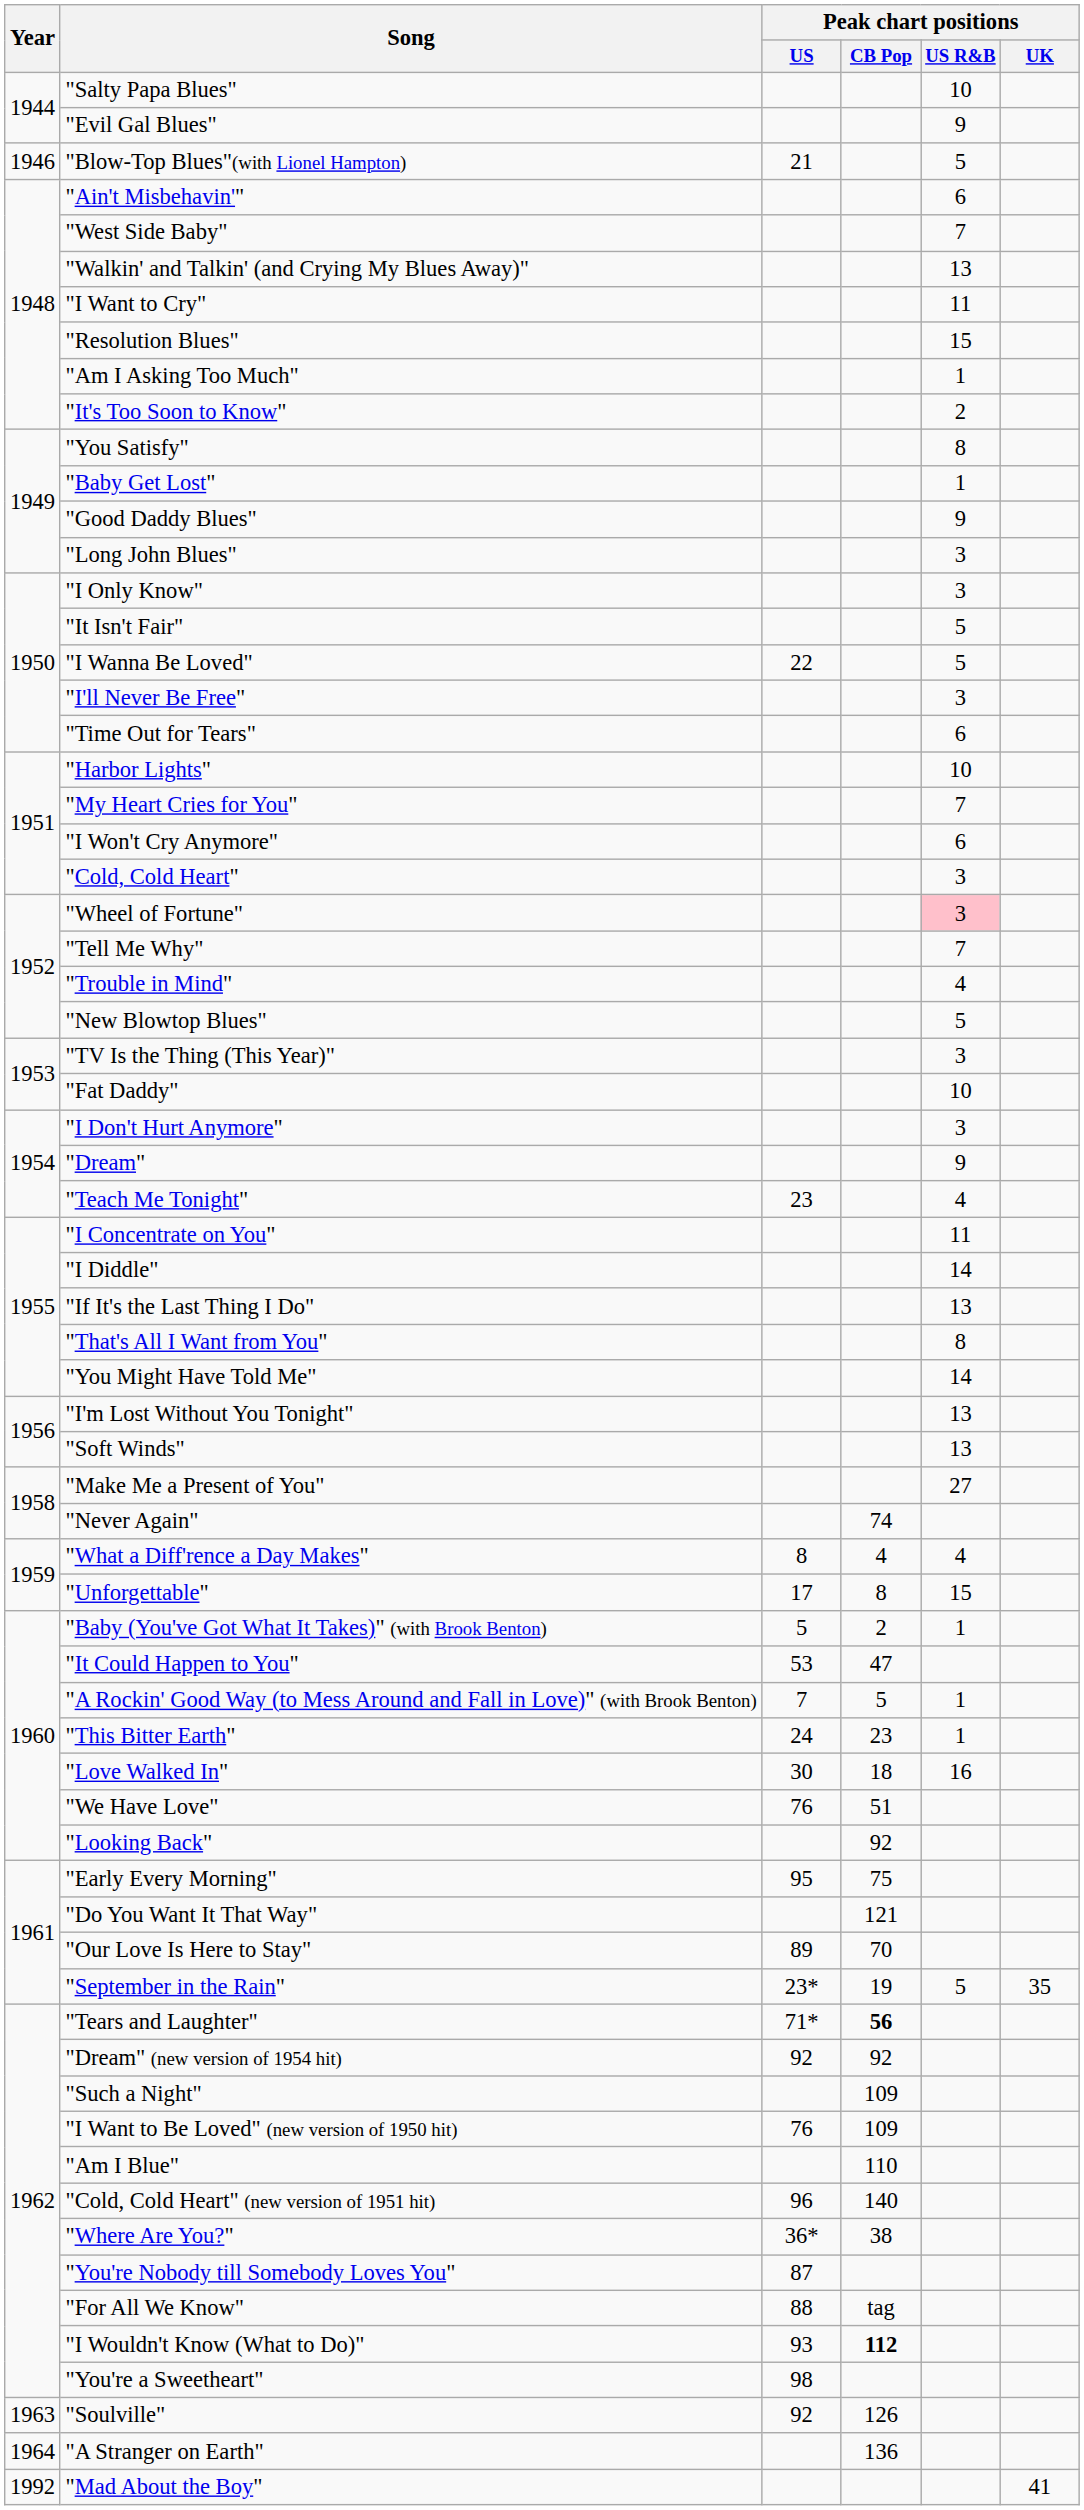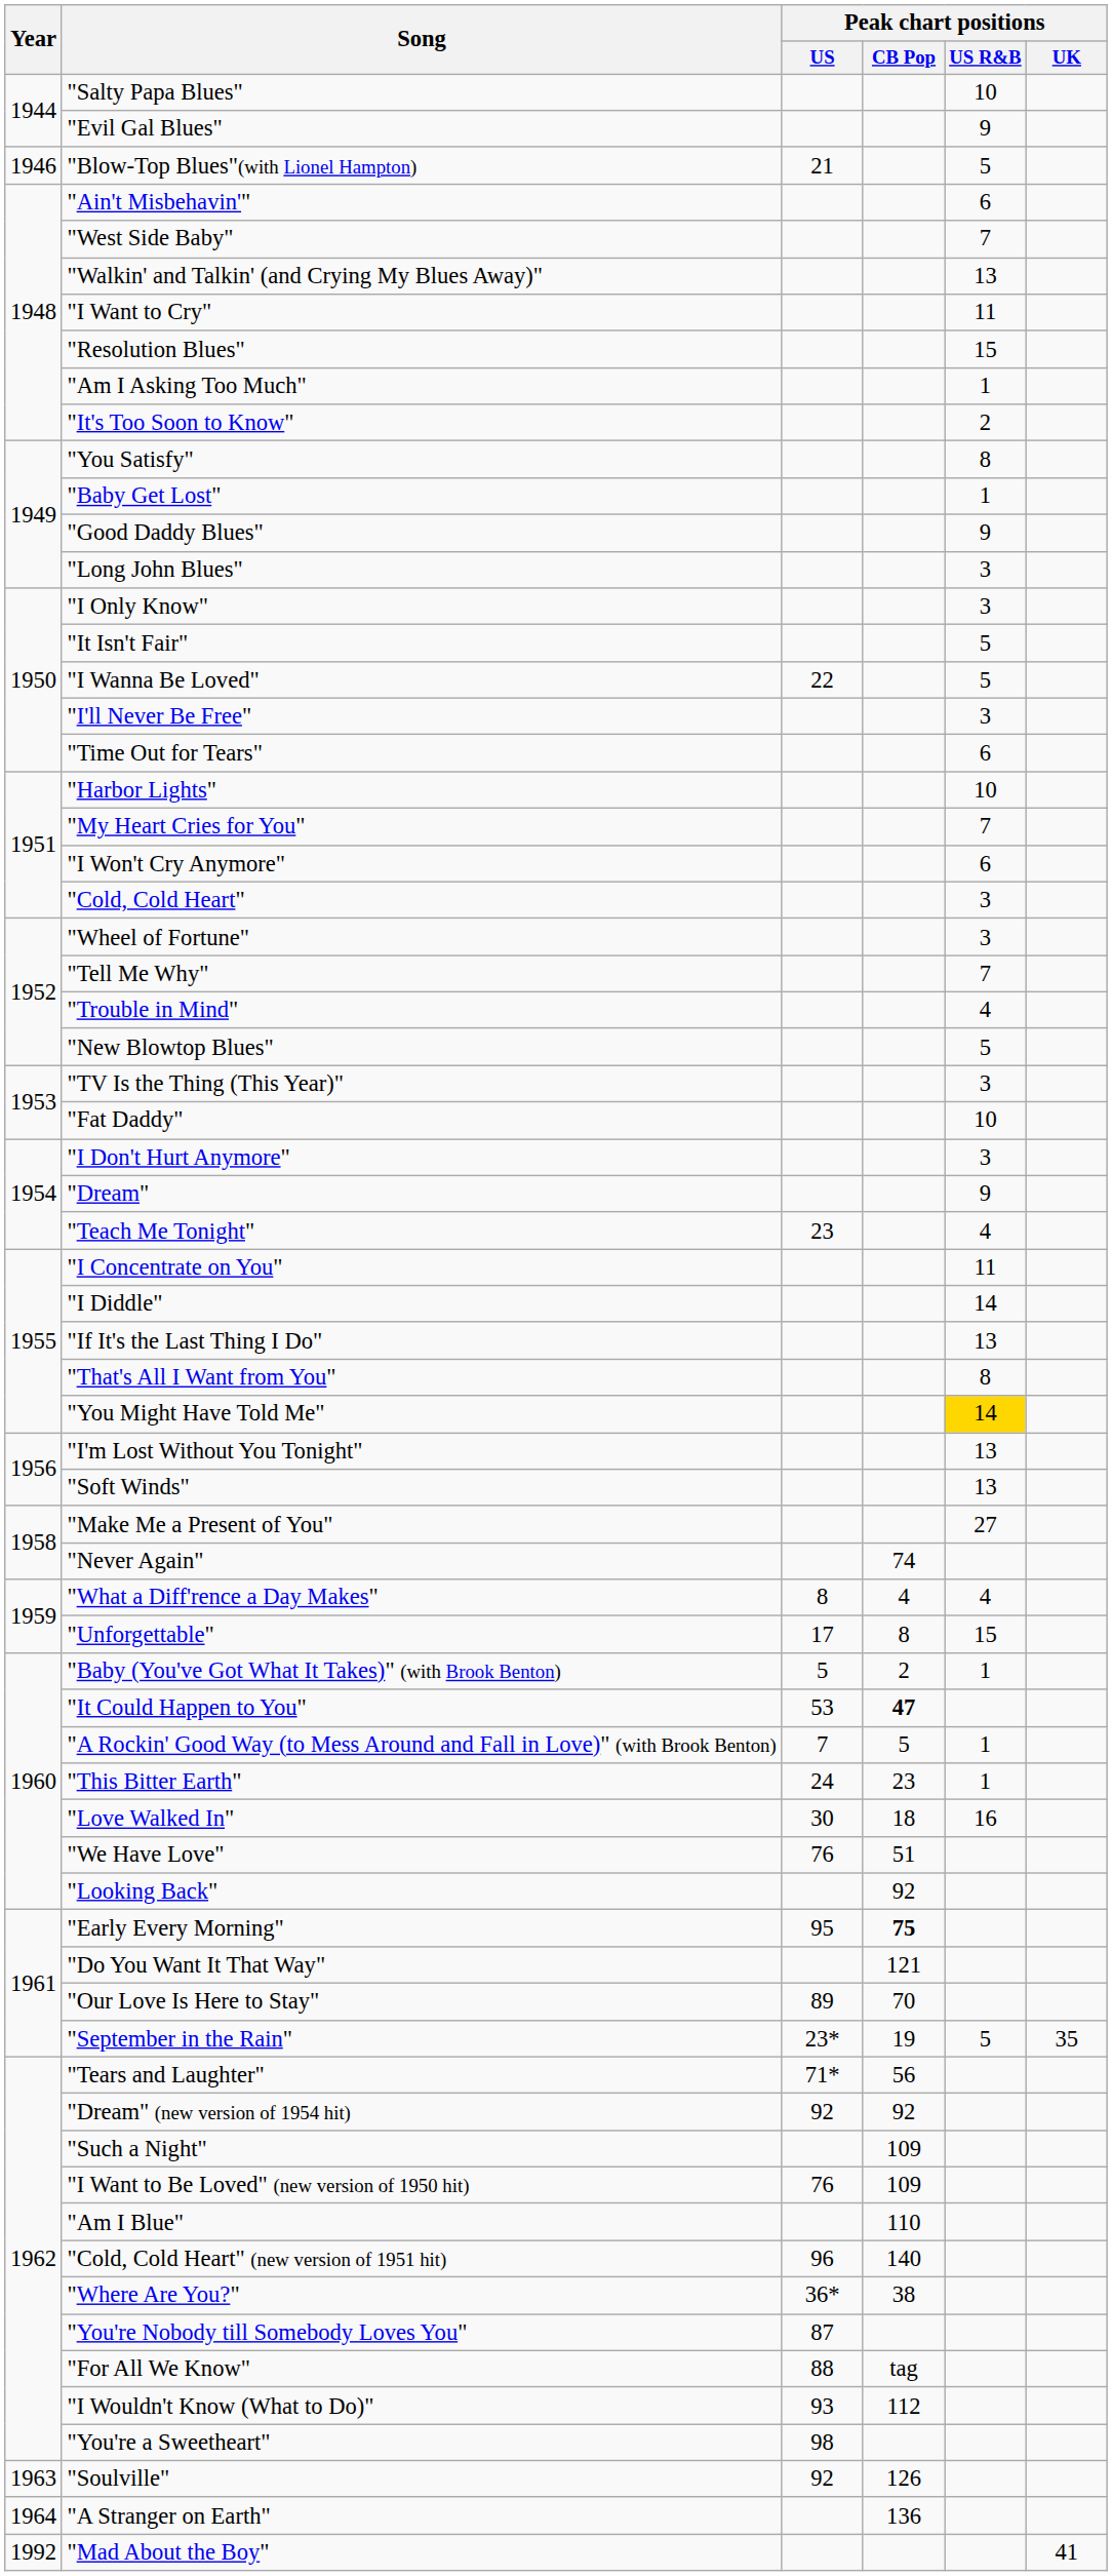 <table class="wikitable" style="text-align:center;">
 <tr>
 <th rowspan="2">Year</th>
 <th rowspan="2">Song</th>
 <th colspan="4">Peak chart positions</th>
 </tr>
 <tr style="font-size:smaller;">
 <th style="width:50px;"><a href='#'>US</a></th>
 <th style="width:50px;"><a href='#'>CB Pop</a></th>
 <th style="width:50px;"><a href='#'>US R&B</a></th>
 <th style="width:50px;"><a href='#'>UK</a></th>
 </tr>
 <tr>
 <td rowspan="2">1944</td>
 <td style="text-align:left;">"Salty Papa Blues"</td>
 <td></td>
 <td></td>
 <td>10</td>
 <td></td>
 </tr>
 <tr>
 <td style="text-align:left;">"Evil Gal Blues"</td>
 <td></td>
 <td></td>
 <td>9</td>
 <td></td>
 </tr>
 <tr>
 <td rowspan="1">1946</td>
 <td style="text-align:left;">"Blow-Top Blues"<small>(with <a href='#'>Lionel Hampton</a>)</small></td>
 <td>21</td>
 <td></td>
 <td>5</td>
 <td></td>
 </tr>
 <tr>
 <td rowspan="7">1948</td>
 <td style="text-align:left;">"<a href='#'>Ain't Misbehavin'</a>"</td>
 <td></td>
 <td></td>
 <td>6</td>
 <td></td>
 </tr>
 <tr>
 <td style="text-align:left;">"West Side Baby"</td>
 <td></td>
 <td></td>
 <td>7</td>
 <td></td>
 </tr>
 <tr>
 <td style="text-align:left;">"Walkin' and Talkin' (and Crying My Blues Away)"</td>
 <td></td>
 <td></td>
 <td>13</td>
 <td></td>
 </tr>
 <tr>
 <td style="text-align:left;">"I Want to Cry"</td>
 <td></td>
 <td></td>
 <td>11</td>
 <td></td>
 </tr>
 <tr>
 <td style="text-align:left;">"Resolution Blues"</td>
 <td></td>
 <td></td>
 <td>15</td>
 <td></td>
 </tr>
 <tr>
 <td style="text-align:left;">"Am I Asking Too Much"</td>
 <td></td>
 <td></td>
 <td>1</td>
 <td></td>
 </tr>
 <tr>
 <td style="text-align:left;">"<a href='#'>It's Too Soon to Know</a>"</td>
 <td></td>
 <td></td>
 <td>2</td>
 <td></td>
 </tr>
 <tr>
 <td rowspan="4">1949</td>
 <td style="text-align:left;">"You Satisfy"</td>
 <td></td>
 <td></td>
 <td>8</td>
 <td></td>
 </tr>
 <tr>
 <td style="text-align:left;">"<a href='#'>Baby Get Lost</a>"</td>
 <td></td>
 <td></td>
 <td>1</td>
 <td></td>
 </tr>
 <tr>
 <td style="text-align:left;">"Good Daddy Blues"</td>
 <td></td>
 <td></td>
 <td>9</td>
 <td></td>
 </tr>
 <tr>
 <td style="text-align:left;">"Long John Blues"</td>
 <td></td>
 <td></td>
 <td>3</td>
 <td></td>
 </tr>
 <tr>
 <td rowspan="5">1950</td>
 <td style="text-align:left;">"I Only Know"</td>
 <td></td>
 <td></td>
 <td>3</td>
 <td></td>
 </tr>
 <tr>
 <td style="text-align:left;">"It Isn't Fair"</td>
 <td></td>
 <td></td>
 <td>5</td>
 <td></td>
 </tr>
 <tr>
 <td style="text-align:left;">"I Wanna Be Loved"</td>
 <td>22</td>
 <td></td>
 <td>5</td>
 <td></td>
 </tr>
 <tr>
 <td style="text-align:left;">"<a href='#'>I'll Never Be Free</a>"</td>
 <td></td>
 <td></td>
 <td>3</td>
 <td></td>
 </tr>
 <tr>
 <td style="text-align:left;">"Time Out for Tears"</td>
 <td></td>
 <td></td>
 <td>6</td>
 <td></td>
 </tr>
 <tr>
 <td rowspan="4">1951</td>
 <td style="text-align:left;">"<a href='#'>Harbor Lights</a>"</td>
 <td></td>
 <td></td>
 <td>10</td>
 <td></td>
 </tr>
 <tr>
 <td style="text-align:left;">"<a href='#'>My Heart Cries for You</a>"</td>
 <td></td>
 <td></td>
 <td>7</td>
 <td></td>
 </tr>
 <tr>
 <td style="text-align:left;">"I Won't Cry Anymore"</td>
 <td></td>
 <td></td>
 <td>6</td>
 <td></td>
 </tr>
 <tr>
 <td style="text-align:left;">"<a href='#'>Cold, Cold Heart</a>"</td>
 <td></td>
 <td></td>
 <td>3</td>
 <td></td>
 </tr>
 <tr>
 <td rowspan="4">1952</td>
 <td style="text-align:left;">"Wheel of Fortune"</td>
 <td></td>
 <td></td>
-<td style="background: pink;">3</td>
+<td>3</td>
 <td></td>
 </tr>
 <tr>
 <td style="text-align:left;">"Tell Me Why"</td>
 <td></td>
 <td></td>
 <td>7</td>
 <td></td>
 </tr>
 <tr>
 <td style="text-align:left;">"<a href='#'>Trouble in Mind</a>"</td>
 <td></td>
 <td></td>
 <td>4</td>
 <td></td>
 </tr>
 <tr>
 <td style="text-align:left;">"New Blowtop Blues"</td>
 <td></td>
 <td></td>
 <td>5</td>
 <td></td>
 </tr>
 <tr>
 <td rowspan="2">1953</td>
 <td style="text-align:left;">"TV Is the Thing (This Year)"</td>
 <td></td>
 <td></td>
 <td>3</td>
 <td></td>
 </tr>
 <tr>
 <td style="text-align:left;">"Fat Daddy"</td>
 <td></td>
 <td></td>
 <td>10</td>
 <td></td>
 </tr>
 <tr>
 <td rowspan="3">1954</td>
 <td style="text-align:left;">"<a href='#'>I Don't Hurt Anymore</a>"</td>
 <td></td>
 <td></td>
 <td>3</td>
 <td></td>
 </tr>
 <tr>
 <td style="text-align:left;">"<a href='#'>Dream</a>"</td>
 <td></td>
 <td></td>
 <td>9</td>
 <td></td>
 </tr>
 <tr>
 <td style="text-align:left;">"<a href='#'>Teach Me Tonight</a>"</td>
 <td>23</td>
 <td></td>
 <td>4</td>
 <td></td>
 </tr>
 <tr>
 <td rowspan="5">1955</td>
 <td style="text-align:left;">"<a href='#'>I Concentrate on You</a>"</td>
 <td></td>
 <td></td>
 <td>11</td>
 <td></td>
 </tr>
 <tr>
 <td style="text-align:left;">"I Diddle"</td>
 <td></td>
 <td></td>
 <td>14</td>
 <td></td>
 </tr>
 <tr>
 <td style="text-align:left;">"If It's the Last Thing I Do"</td>
 <td></td>
 <td></td>
 <td>13</td>
 <td></td>
 </tr>
 <tr>
 <td style="text-align:left;">"<a href='#'>That's All I Want from You</a>"</td>
 <td></td>
 <td></td>
 <td>8</td>
 <td></td>
 </tr>
 <tr>
 <td style="text-align:left;">"You Might Have Told Me"</td>
 <td></td>
 <td></td>
-<td>14</td>
+<td style="background: gold;">14</td>
 <td></td>
 </tr>
 <tr>
 <td rowspan="2">1956</td>
 <td style="text-align:left;">"I'm Lost Without You Tonight"</td>
 <td></td>
 <td></td>
 <td>13</td>
 <td></td>
 </tr>
 <tr>
 <td style="text-align:left;">"Soft Winds"</td>
 <td></td>
 <td></td>
 <td>13</td>
 <td></td>
 </tr>
 <tr>
 <td rowspan="2">1958</td>
 <td style="text-align:left;">"Make Me a Present of You"</td>
 <td></td>
 <td></td>
 <td>27</td>
 <td></td>
 </tr>
 <tr>
 <td style="text-align:left;">"Never Again"</td>
 <td></td>
 <td>74</td>
 <td></td>
 <td></td>
 </tr>
 <tr>
 <td rowspan="2">1959</td>
 <td style="text-align:left;">"<a href='#'>What a Diff'rence a Day Makes</a>"</td>
 <td>8</td>
 <td>4</td>
 <td>4</td>
 <td></td>
 </tr>
 <tr>
 <td style="text-align:left;">"<a href='#'>Unforgettable</a>"</td>
 <td>17</td>
 <td>8</td>
 <td>15</td>
 <td></td>
 </tr>
 <tr>
 <td rowspan="7">1960</td>
 <td style="text-align:left;">"<a href='#'>Baby (You've Got What It Takes)</a>" <small>(with <a href='#'>Brook Benton</a>)</small></td>
 <td>5</td>
 <td>2</td>
 <td>1</td>
 <td></td>
 </tr>
 <tr>
 <td style="text-align:left;">"<a href='#'>It Could Happen to You</a>"</td>
 <td>53</td>
-<td>47</td>
+<td><strong>47</strong></td>
 <td></td>
 <td></td>
 </tr>
 <tr>
 <td style="text-align:left;">"<a href='#'>A Rockin' Good Way (to Mess Around and Fall in Love)</a>" <small>(with Brook Benton)</small></td>
 <td>7</td>
 <td>5</td>
 <td>1</td>
 <td></td>
 </tr>
 <tr>
 <td style="text-align:left;">"<a href='#'>This Bitter Earth</a>"</td>
 <td>24</td>
 <td>23</td>
 <td>1</td>
 <td></td>
 </tr>
 <tr>
 <td style="text-align:left;">"<a href='#'>Love Walked In</a>"</td>
 <td>30</td>
 <td>18</td>
 <td>16</td>
 <td></td>
 </tr>
 <tr>
 <td style="text-align:left;">"We Have Love"</td>
 <td>76</td>
 <td>51</td>
 <td></td>
 <td></td>
 </tr>
 <tr>
 <td style="text-align:left;">"<a href='#'>Looking Back</a>"</td>
 <td></td>
 <td>92</td>
 <td></td>
 <td></td>
 </tr>
 <tr>
 <td rowspan="4">1961</td>
 <td style="text-align:left;">"Early Every Morning"</td>
 <td>95</td>
-<td>75</td>
+<td><strong>75</strong></td>
 <td></td>
 <td></td>
 </tr>
 <tr>
 <td style="text-align:left;">"Do You Want It That Way"</td>
 <td></td>
 <td>121</td>
 <td></td>
 <td></td>
 </tr>
 <tr>
 <td style="text-align:left;">"Our Love Is Here to Stay"</td>
 <td>89</td>
 <td>70</td>
 <td></td>
 <td></td>
 </tr>
 <tr>
 <td style="text-align:left;">"<a href='#'>September in the Rain</a>"</td>
 <td>23*</td>
 <td>19</td>
 <td>5</td>
 <td>35</td>
 </tr>
 <tr>
 <td rowspan="11">1962</td>
 <td style="text-align:left;">"Tears and Laughter"</td>
 <td>71*</td>
-<td><strong>56</strong></td>
+<td>56</td>
 <td></td>
 <td></td>
 </tr>
 <tr>
 <td style="text-align:left;">"Dream" <small>(new version of 1954 hit)</small></td>
 <td>92</td>
 <td>92</td>
 <td></td>
 <td></td>
 </tr>
 <tr>
 <td style="text-align:left;">"Such a Night"</td>
 <td></td>
 <td>109</td>
 <td></td>
 <td></td>
 </tr>
 <tr>
 <td style="text-align:left;">"I Want to Be Loved" <small>(new version of 1950 hit)</small></td>
 <td>76</td>
 <td>109</td>
 <td></td>
 <td></td>
 </tr>
 <tr>
 <td style="text-align:left;">"Am I Blue"</td>
 <td></td>
 <td>110</td>
 <td></td>
 <td></td>
 </tr>
 <tr>
 <td style="text-align:left;">"Cold, Cold Heart" <small>(new version of 1951 hit)</small></td>
 <td>96</td>
 <td>140</td>
 <td></td>
 <td></td>
 </tr>
 <tr>
 <td style="text-align:left;">"<a href='#'>Where Are You?</a>"</td>
 <td>36*</td>
 <td>38</td>
 <td></td>
 <td></td>
 </tr>
 <tr>
 <td style="text-align:left;">"<a href='#'>You're Nobody till Somebody Loves You</a>"</td>
 <td>87</td>
 <td></td>
 <td></td>
 <td></td>
 </tr>
 <tr>
 <td style="text-align:left;">"For All We Know"</td>
 <td>88</td>
 <td>tag</td>
 <td></td>
 <td></td>
 </tr>
 <tr>
 <td style="text-align:left;">"I Wouldn't Know (What to Do)"</td>
 <td>93</td>
-<td><strong>112</strong></td>
+<td>112</td>
 <td></td>
 <td></td>
 </tr>
 <tr>
 <td style="text-align:left;">"You're a Sweetheart"</td>
 <td>98</td>
 <td></td>
 <td></td>
 <td></td>
 </tr>
 <tr>
 <td>1963</td>
 <td style="text-align:left;">"Soulville"</td>
 <td>92</td>
 <td>126</td>
 <td></td>
 <td></td>
 </tr>
 <tr>
 <td>1964</td>
 <td style="text-align:left;">"A Stranger on Earth"</td>
 <td></td>
 <td>136</td>
 <td></td>
 <td></td>
 </tr>
 <tr>
 <td>1992</td>
 <td style="text-align:left;">"<a href='#'>Mad About the Boy</a>"</td>
 <td></td>
 <td></td>
 <td></td>
 <td>41</td>
 </tr>
 </table>
